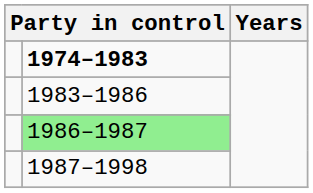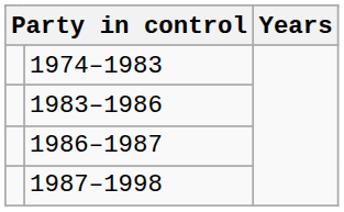 <table class="wikitable">
 <tr>
 <th colspan="2">Party in control</th>
 <th>Years</th>
 </tr>
 <tr>
 <td></td>
-<td><strong>1974–1983</strong></td>
+<td>1974–1983</td>
 </tr>
 <tr>
 <td></td>
 <td>1983–1986</td>
 </tr>
 <tr>
 <td></td>
-<td style="background: lightgreen;">1986–1987</td>
+<td>1986–1987</td>
 </tr>
 <tr>
 <td></td>
 <td>1987–1998</td>
 </tr>
 </table>
